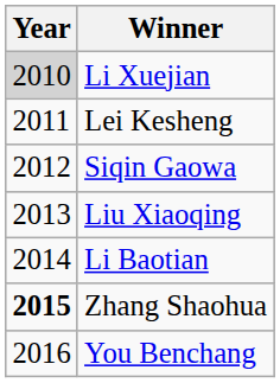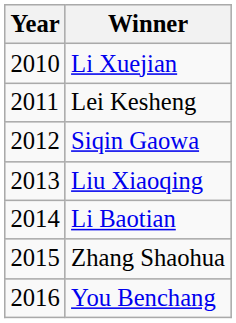 <table class="wikitable">
 <tr>
 <th>Year</th>
 <th>Winner</th>
 </tr>
 <tr>
-<td style="background: lightgrey;">2010</td>
+<td>2010</td>
 <td><a href='#'>Li Xuejian</a></td>
 </tr>
 <tr>
 <td>2011</td>
 <td>Lei Kesheng</td>
 </tr>
 <tr>
 <td>2012</td>
 <td><a href='#'>Siqin Gaowa</a></td>
 </tr>
 <tr>
 <td>2013</td>
 <td><a href='#'>Liu Xiaoqing</a></td>
 </tr>
 <tr>
 <td>2014</td>
 <td><a href='#'>Li Baotian</a></td>
 </tr>
 <tr>
-<td><strong>2015</strong></td>
+<td>2015</td>
 <td>Zhang Shaohua</td>
 </tr>
 <tr>
 <td>2016</td>
 <td><a href='#'>You Benchang</a></td>
 </tr>
 </table>
